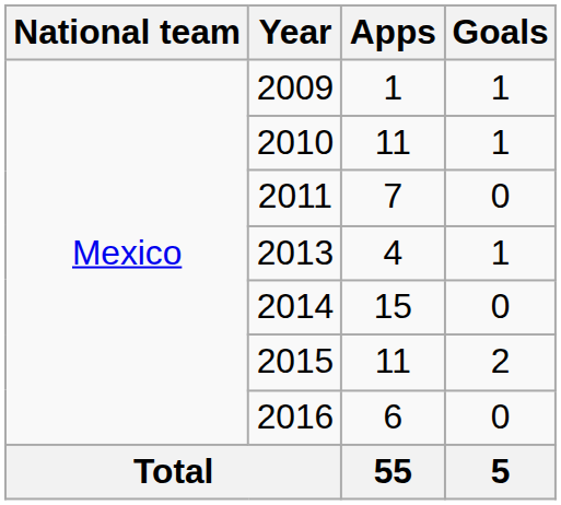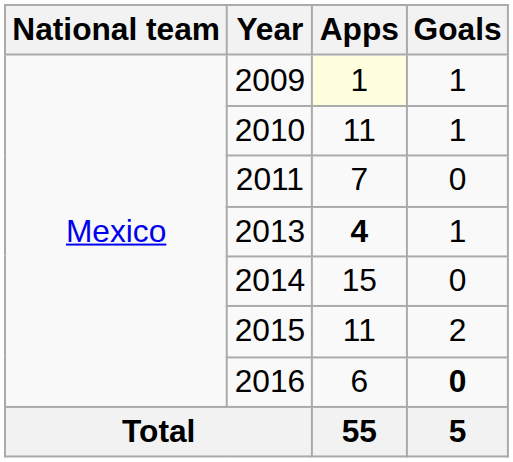 <table class="wikitable" style="text-align: center;">
 <tr>
 <th>National team</th>
 <th>Year</th>
 <th>Apps</th>
 <th>Goals</th>
 </tr>
 <tr>
 <td rowspan="7" valign="center"><a href='#'>Mexico</a></td>
 <td>2009</td>
-<td>1</td>
+<td style="background: lightyellow;">1</td>
 <td>1</td>
 </tr>
 <tr>
 <td>2010</td>
 <td>11</td>
 <td>1</td>
 </tr>
 <tr>
 <td>2011</td>
 <td>7</td>
 <td>0</td>
 </tr>
 <tr>
 <td>2013</td>
-<td>4</td>
+<td><strong>4</strong></td>
 <td>1</td>
 </tr>
 <tr>
 <td>2014</td>
 <td>15</td>
 <td>0</td>
 </tr>
 <tr>
 <td>2015</td>
 <td>11</td>
 <td>2</td>
 </tr>
 <tr>
 <td>2016</td>
 <td>6</td>
-<td>0</td>
+<td><strong>0</strong></td>
 </tr>
 <tr>
 <th colspan="2">Total</th>
 <th>55</th>
 <th>5</th>
 </tr>
 </table>
